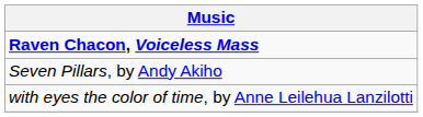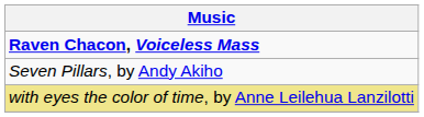 <table class="wikitable" style="float:left; float:none;">
 <tr>
 <th><a href='#'>Music</a></th>
 </tr>
 <tr>
 <td><strong><a href='#'>Raven Chacon</a>, <em><a href='#'>Voiceless Mass</a></em></strong></td>
 </tr>
 <tr>
 <td><em>Seven Pillars</em>, by <a href='#'>Andy Akiho</a></td>
 </tr>
 <tr>
-<td><em>with eyes the color of time</em>, by <a href='#'>Anne Leilehua Lanzilotti</a></td>
+<td style="background: khaki;"><em>with eyes the color of time</em>, by <a href='#'>Anne Leilehua Lanzilotti</a></td>
 </tr>
 <tr>
 </tr>
 </table>
